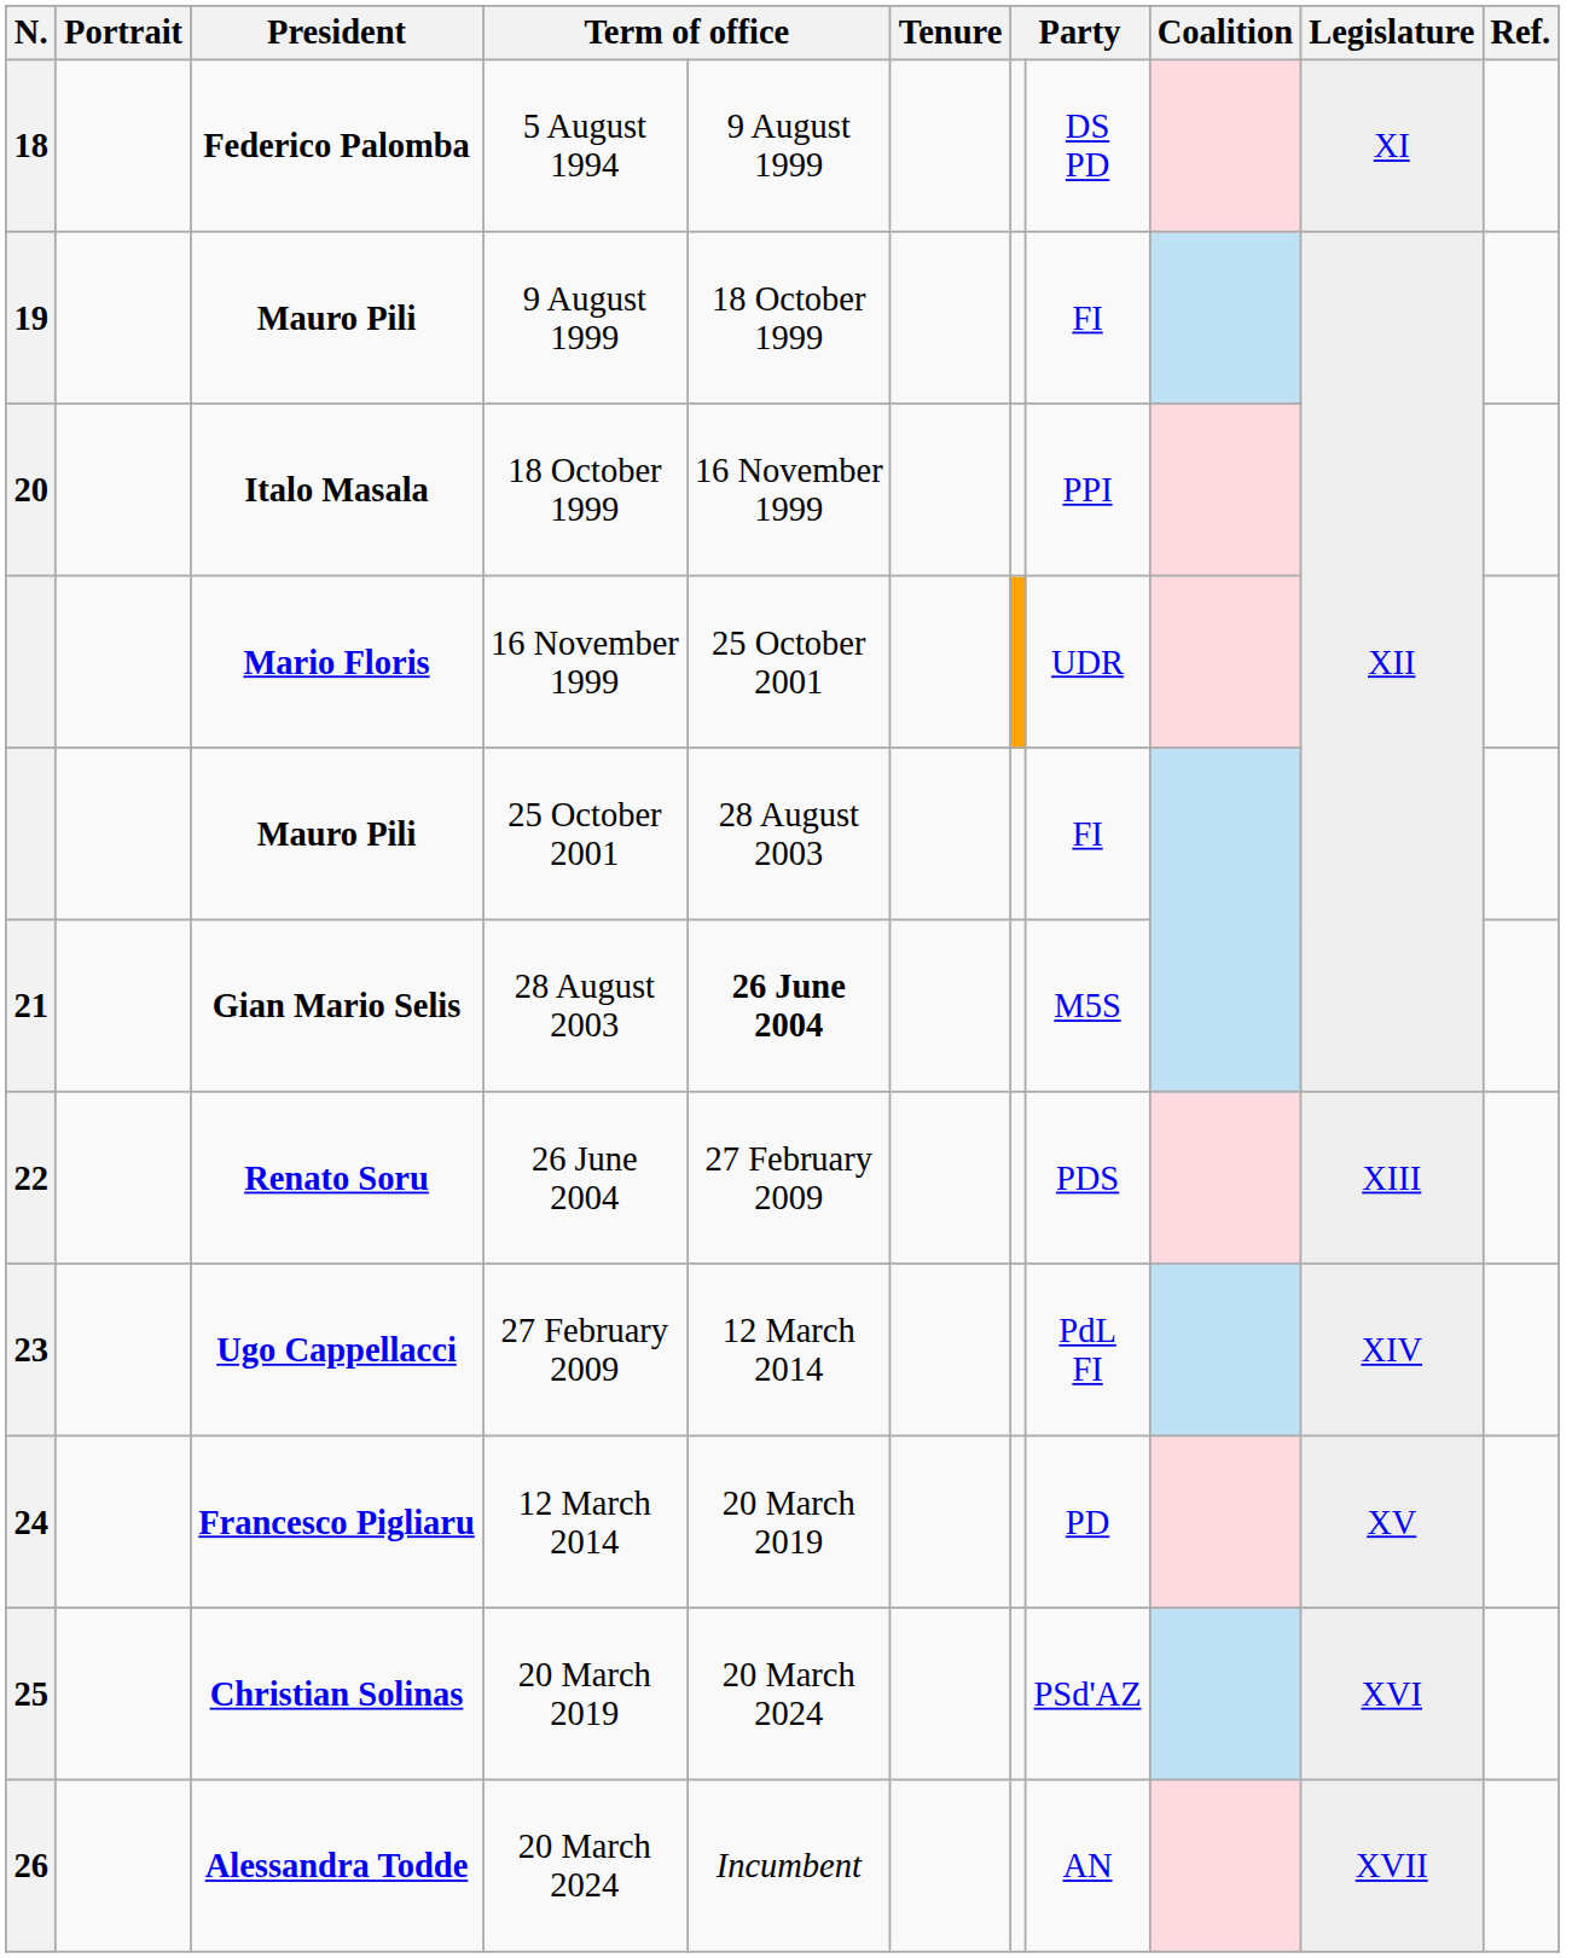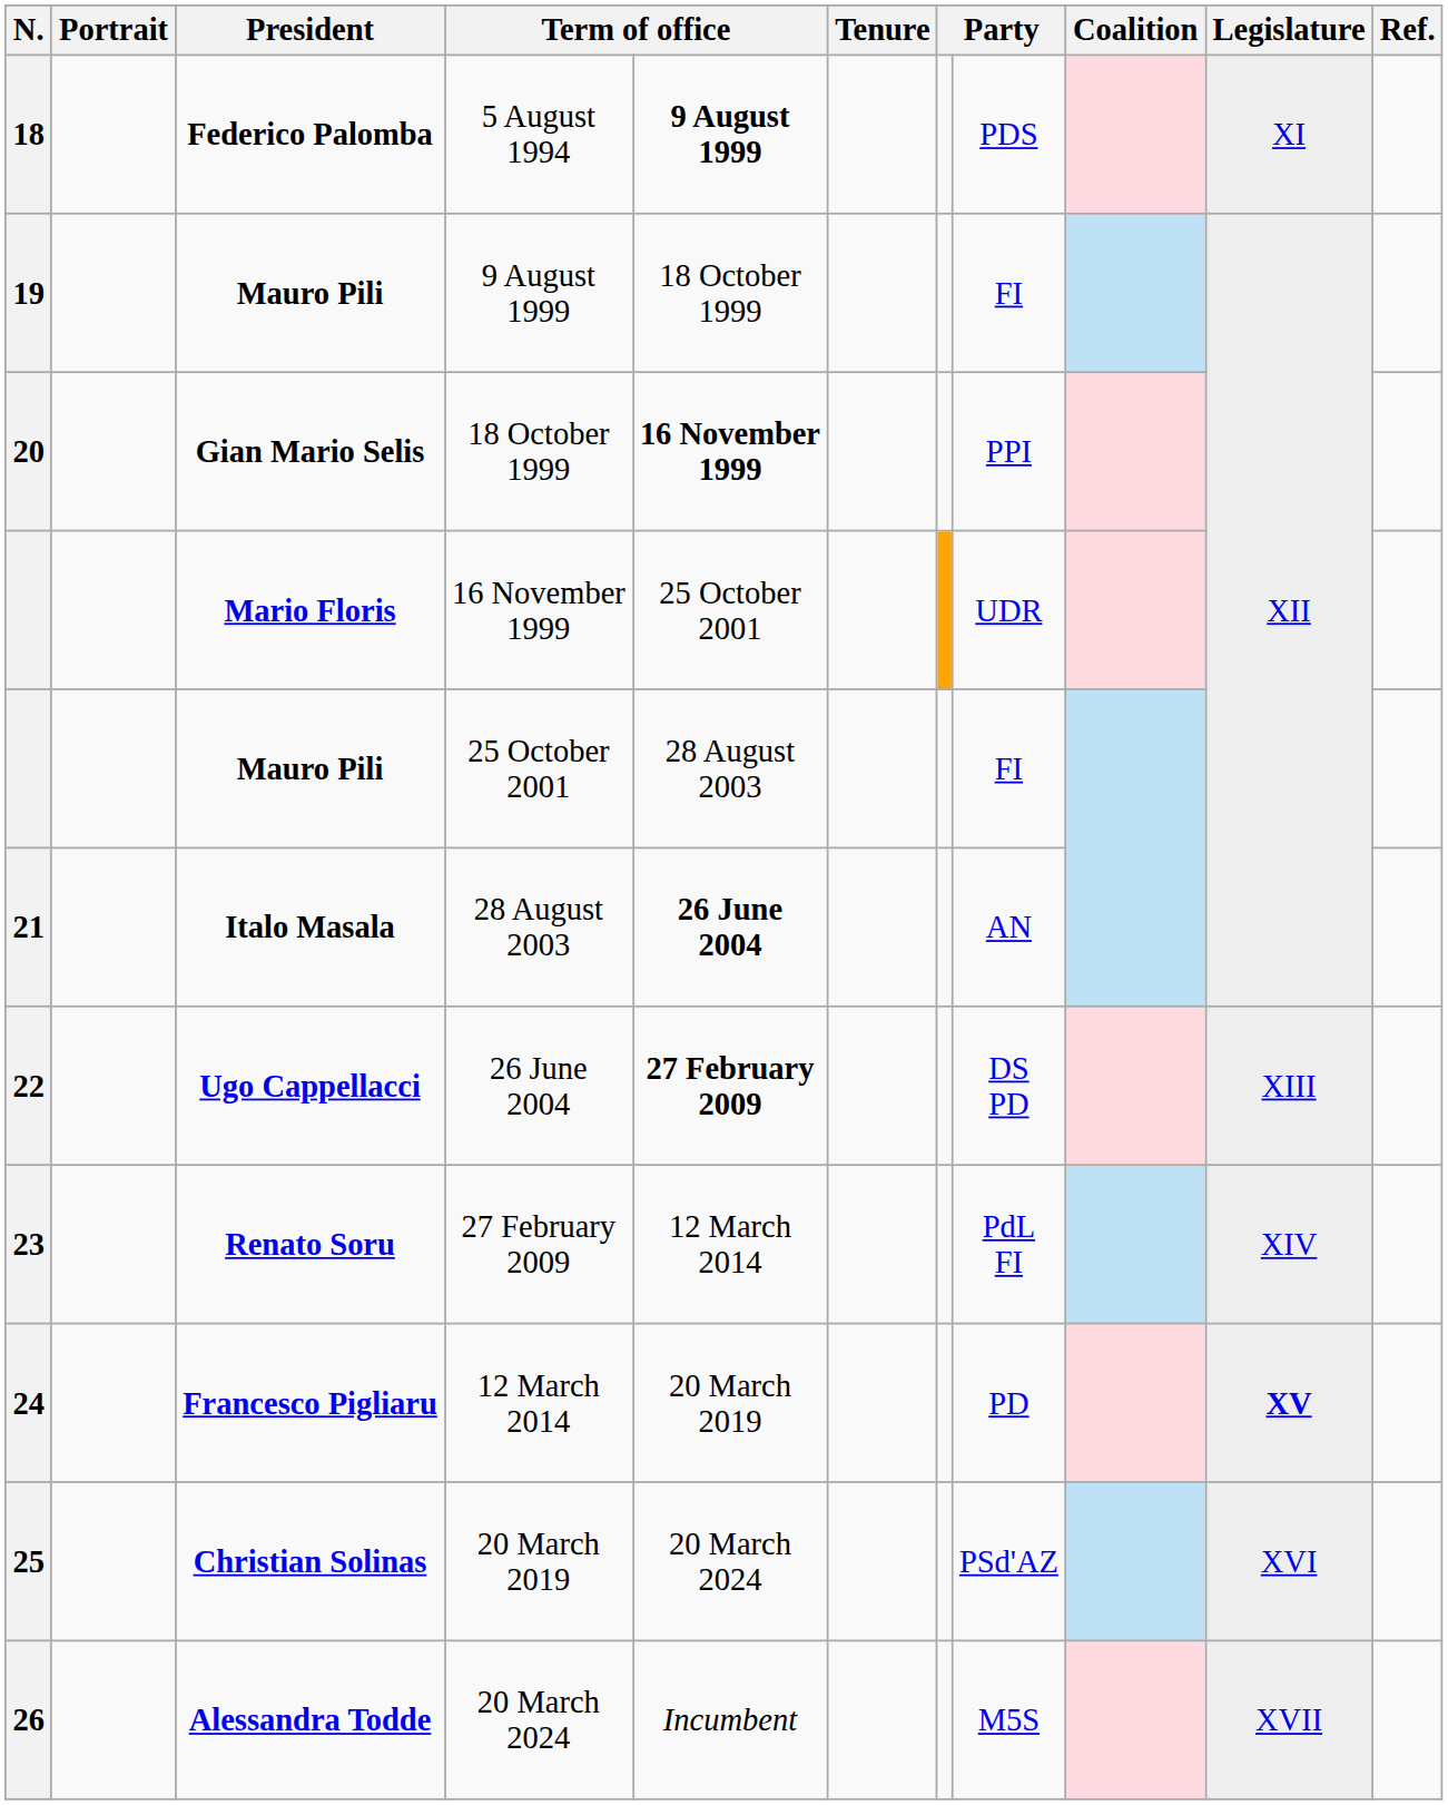 <table class=wikitable style=text-align:center>
 <tr>
 <th>N.</th>
 <th>Portrait</th>
 <th>President</th>
 <th colspan=2>Term of office</th>
 <th>Tenure<br></th>
 <th colspan=2>Party</th>
 <th>Coalition</th>
 <th>Legislature</th>
 <th>Ref.</th>
 </tr>
 <tr style="height:5em;">
 <th>18</th>
 <td></td>
 <td><strong>Federico Palomba</strong><br></td>
 <td>5 August<br>1994</td>
-<td>9 August<br>1999</td>
+<td><strong>9 August<br>1999</strong></td>
 <td></td>
 <td></td>
-<td><a href='#'>DS</a> <br><a href='#'>PD</a></td>
+<td><a href='#'>PDS</a></td>
 <td bgcolor=#FFDAE1></td>
 <td bgcolor=#EEEEEE><a href='#'>XI<br></a></td>
 <td></td>
 </tr>
 <tr style="height:5em;">
 <th>19</th>
 <td></td>
 <td><strong>Mauro Pili</strong><br></td>
 <td>9 August<br>1999</td>
 <td>18 October<br>1999</td>
 <td></td>
 <td></td>
 <td><a href='#'>FI</a></td>
 <td bgcolor=#BEE1F5></td>
 <td rowspan=5 bgcolor=#EEEEEE><a href='#'>XII<br></a></td>
 <td></td>
 </tr>
 <tr style="height:5em;">
 <th>20</th>
 <td></td>
-<td><strong>Italo Masala</strong><br></td>
+<td><strong>Gian Mario Selis</strong><br></td>
 <td>18 October<br>1999</td>
-<td>16 November<br>1999</td>
+<td><strong>16 November<br>1999</strong></td>
 <td></td>
 <td></td>
 <td><a href='#'>PPI</a></td>
 <td bgcolor=#FFDAE1></td>
 <td></td>
 </tr>
 <tr style="height:5em;">
 <th></th>
 <td></td>
 <td><strong><a href='#'>Mario Floris</a></strong><br></td>
 <td>16 November<br>1999</td>
 <td>25 October<br>2001</td>
 <td></td>
 <td bgcolor="orange"></td>
 <td><a href='#'>UDR</a></td>
 <td bgcolor=#FFDAE1></td>
 <td></td>
 </tr>
 <tr style="height:5em;">
 <th></th>
 <td></td>
 <td><strong>Mauro Pili</strong><br></td>
 <td>25 October<br>2001</td>
 <td>28 August<br>2003</td>
 <td></td>
 <td></td>
 <td><a href='#'>FI</a></td>
 <td rowspan=2 bgcolor=#BEE1F5></td>
 <td></td>
 </tr>
 <tr style="height:5em;">
 <th>21</th>
 <td></td>
-<td><strong>Gian Mario Selis</strong><br></td>
+<td><strong>Italo Masala</strong><br></td>
 <td>28 August<br>2003</td>
 <td><strong>26 June<br>2004</strong></td>
 <td></td>
 <td></td>
-<td><a href='#'>M5S</a></td>
+<td><a href='#'>AN</a></td>
 <td></td>
 </tr>
 <tr style="height:5em;">
 <th>22</th>
 <td></td>
-<td><strong><a href='#'>Renato Soru</a></strong><br></td>
+<td><strong><a href='#'>Ugo Cappellacci</a></strong><br></td>
 <td>26 June<br>2004</td>
-<td>27 February<br>2009</td>
+<td><strong>27 February<br>2009</strong></td>
 <td></td>
 <td></td>
-<td><a href='#'>PDS</a></td>
+<td><a href='#'>DS</a> <br><a href='#'>PD</a></td>
 <td bgcolor=#FFDAE1></td>
 <td bgcolor=#EEEEEE><a href='#'>XIII<br></a></td>
 <td></td>
 </tr>
 <tr style="height:5em;">
 <th>23</th>
 <td></td>
-<td><strong><a href='#'>Ugo Cappellacci</a></strong><br></td>
+<td><strong><a href='#'>Renato Soru</a></strong><br></td>
 <td>27 February<br>2009</td>
 <td>12 March<br>2014</td>
 <td></td>
 <td></td>
 <td><a href='#'>PdL</a> <br><a href='#'>FI</a></td>
 <td bgcolor=#BEE1F5></td>
 <td bgcolor=#EEEEEE><a href='#'>XIV<br></a></td>
 <td></td>
 </tr>
 <tr style="height:5em;">
 <th>24</th>
 <td></td>
 <td><strong><a href='#'>Francesco Pigliaru</a></strong><br></td>
 <td>12 March<br>2014</td>
 <td>20 March<br>2019</td>
 <td></td>
 <td></td>
 <td><a href='#'>PD</a></td>
 <td bgcolor=#FFDAE1></td>
-<td bgcolor=#EEEEEE><a href='#'>XV<br></a></td>
+<td bgcolor=#EEEEEE><strong><a href='#'>XV<br></a></strong></td>
 <td></td>
 </tr>
 <tr style="height:5em;">
 <th>25</th>
 <td></td>
 <td><strong><a href='#'>Christian Solinas</a></strong><br></td>
 <td>20 March<br>2019</td>
 <td>20 March<br>2024</td>
 <td></td>
 <td></td>
 <td><a href='#'>PSd'AZ</a></td>
 <td bgcolor=#BEE1F5></td>
 <td bgcolor=#EEEEEE><a href='#'>XVI<br></a></td>
 <td></td>
 </tr>
 <tr style="height:5em;">
 <th>26</th>
 <td></td>
 <td><strong><a href='#'>Alessandra Todde</a></strong><br></td>
 <td>20 March<br>2024</td>
 <td><em>Incumbent</em></td>
 <td></td>
 <td></td>
-<td><a href='#'>AN</a></td>
+<td><a href='#'>M5S</a></td>
 <td bgcolor=#FFDAE1></td>
 <td bgcolor=#EEEEEE><a href='#'>XVII<br></a></td>
 <td></td>
 </tr>
 </table>
